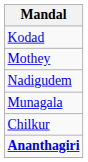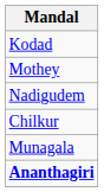 <table class="wikitable sortable static-row-numbers static-row-header-hash">
 <tr>
 <th>Mandal</th>
 </tr>
 <tr>
 <td><a href='#'>Kodad</a></td>
 </tr>
 <tr>
 <td><a href='#'>Mothey</a></td>
 </tr>
 <tr>
 <td><a href='#'>Nadigudem</a></td>
 </tr>
 <tr>
-<td><a href='#'>Munagala</a></td>
+<td><a href='#'>Chilkur</a></td>
 </tr>
 <tr>
-<td><a href='#'>Chilkur</a></td>
+<td><a href='#'>Munagala</a></td>
 </tr>
 <tr>
 <td><strong><a href='#'>Ananthagiri</a></strong></td>
 </tr>
 <tr>
 </tr>
 </table>
